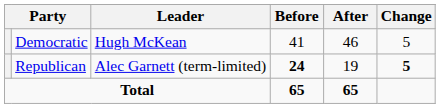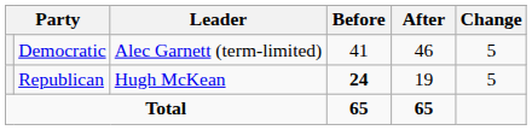 <table class="wikitable" style="text-align:center;">
 <tr>
 </tr>
 <tr>
 <th colspan=2>Party</th>
 <th>Leader</th>
 <th style="width:3em">Before</th>
 <th style="width:3em">After</th>
 <th style="width:3em">Change</th>
 </tr>
 <tr>
 <th style="background-color:"></th>
 <td style="text-align:left;"><a href='#'>Democratic</a></td>
-<td style="text-align:left;"><a href='#'>Hugh McKean</a></td>
+<td style="text-align:left;"><a href='#'>Alec Garnett</a> (term-limited)</td>
 <td>41</td>
 <td>46</td>
 <td>5</td>
 </tr>
 <tr>
 <th style="background-color:"></th>
 <td style="text-align:left;"><a href='#'>Republican</a></td>
-<td style="text-align:left;"><a href='#'>Alec Garnett</a> (term-limited)</td>
+<td style="text-align:left;"><a href='#'>Hugh McKean</a></td>
 <td><strong>24</strong></td>
 <td>19</td>
-<td><strong>5</strong></td>
+<td>5</td>
 </tr>
 <tr>
 <td colspan=3><strong>Total</strong></td>
 <td><strong>65</strong></td>
 <td><strong>65</strong></td>
 <td></td>
 </tr>
 </table>
